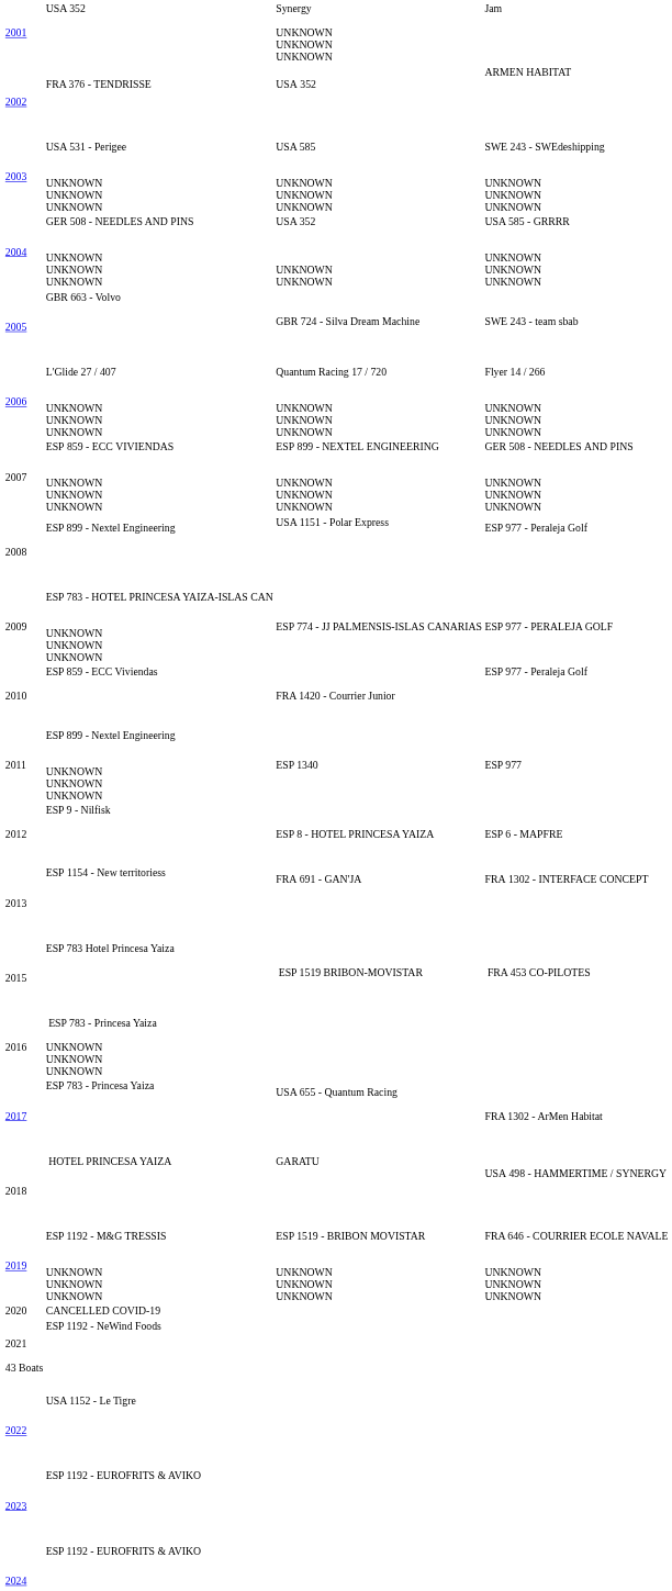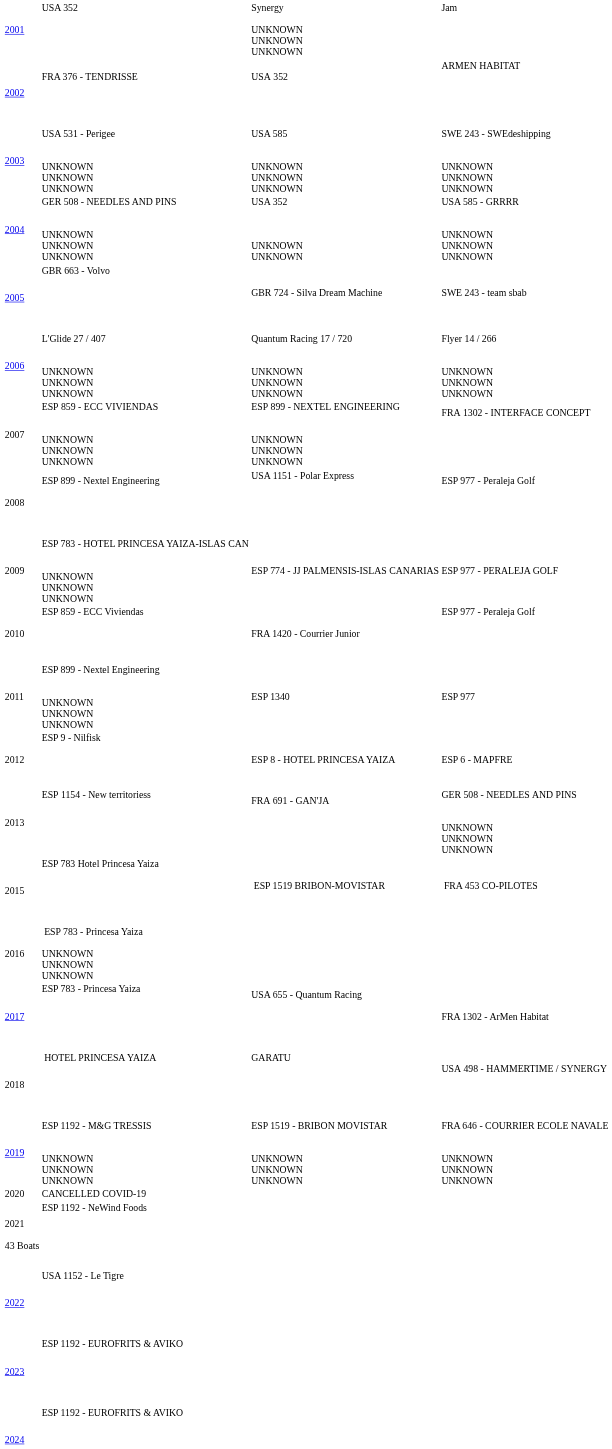 <table>
 <tr>
 <td><a href='#'>2001</a></td>
 <td>USA 352<br><br><br> <br> <br> </td>
 <td>Synergy<br><br>UNKNOWN<br>UNKNOWN<br>UNKNOWN</td>
 <td>Jam<br><br><br><br> <br> </td>
 <td></td>
 </tr>
 <tr>
 <td><a href='#'>2002</a></td>
 <td>FRA 376 - TENDRISSE<br><br> <br> <br> </td>
 <td>USA 352<br><br> <br> <br> </td>
 <td>ARMEN HABITAT <br><br><br> <br> <br> <br> </td>
 <td></td>
 </tr>
 <tr>
 <td><a href='#'>2003</a></td>
 <td>USA 531 - Perigee<br><br><br>UNKNOWN<br>UNKNOWN<br>UNKNOWN</td>
 <td>USA 585<br><br><br>UNKNOWN<br>UNKNOWN<br>UNKNOWN</td>
 <td>SWE 243 - SWEdeshipping<br><br><br>UNKNOWN<br>UNKNOWN<br>UNKNOWN</td>
 <td></td>
 </tr>
 <tr>
 <td><a href='#'>2004</a></td>
 <td>GER 508 - NEEDLES AND PINS<br><br><br>UNKNOWN<br>UNKNOWN<br>UNKNOWN</td>
 <td>USA 352<br><br><br> <br>UNKNOWN<br>UNKNOWN</td>
 <td>USA 585 - GRRRR<br><br><br>UNKNOWN<br>UNKNOWN<br>UNKNOWN</td>
 <td></td>
 </tr>
 <tr>
 <td><a href='#'>2005</a></td>
 <td>GBR 663 - Volvo<br><br><br> <br> <br> <br> </td>
 <td>GBR 724 - Silva Dream Machine<br><br></td>
 <td>SWE 243 - team sbab<br><br></td>
 <td></td>
 </tr>
 <tr>
 <td><a href='#'>2006</a></td>
 <td>L'Glide 27 / 407 <br><br><br>UNKNOWN<br>UNKNOWN<br>UNKNOWN</td>
 <td>Quantum Racing 17 / 720  <br><br><br>UNKNOWN<br>UNKNOWN<br>UNKNOWN</td>
 <td>Flyer 14 / 266<br><br><br>UNKNOWN<br>UNKNOWN<br>UNKNOWN</td>
 <td></td>
 </tr>
 <tr>
 <td>2007</td>
 <td>ESP 859 - ECC VIVIENDAS<br> <br><br>UNKNOWN<br>UNKNOWN<br>UNKNOWN</td>
 <td>ESP 899 - NEXTEL ENGINEERING<br><br><br>UNKNOWN<br>UNKNOWN<br>UNKNOWN</td>
-<td>GER 508 - NEEDLES AND PINS<br><br><br>UNKNOWN<br>UNKNOWN<br>UNKNOWN</td>
+<td>FRA 1302 - INTERFACE CONCEPT<br><br><br> <br> <br> </td>
 <td></td>
 </tr>
 <tr>
 <td>2008</td>
 <td>ESP 899 - Nextel Engineering<br><br><br> <br> <br> </td>
 <td>USA 1151 - Polar Express<br><br><br> <br> <br> <br> </td>
 <td>ESP 977 - Peraleja Golf<br><br><br> <br> <br> </td>
 <td></td>
 </tr>
 <tr>
 <td>2009</td>
 <td>ESP 783 - HOTEL PRINCESA YAIZA-ISLAS CAN<br><br><br>UNKNOWN<br>UNKNOWN<br>UNKNOWN</td>
 <td>ESP 774 - JJ PALMENSIS-ISLAS CANARIAS	<br></td>
 <td>ESP 977 - PERALEJA GOLF<br></td>
 <td></td>
 </tr>
 <tr>
 <td>2010</td>
 <td>ESP 859 - ECC Viviendas<br><br><br> <br> <br> </td>
 <td>FRA 1420 - Courrier Junior</td>
 <td>ESP 977 - Peraleja Golf <br><br><br> <br> <br> </td>
 <td></td>
 </tr>
 <tr>
 <td>2011</td>
 <td>ESP 899 - Nextel Engineering<br><br><br> UNKNOWN<br> UNKNOWN<br> UNKNOWN</td>
 <td>ESP 1340<br></td>
 <td>ESP 977 <br></td>
 <td></td>
 </tr>
 <tr>
 <td>2012</td>
 <td>ESP 9 - Nilfisk<br><br><br><br> <br> </td>
 <td>ESP 8 - HOTEL PRINCESA YAIZA<br></td>
 <td>ESP 6 - MAPFRE<br></td>
 <td></td>
 </tr>
 <tr>
 <td>2013</td>
 <td>ESP 1154 - New territoriess<br><br><br> <br> <br> <br> </td>
 <td>FRA 691 - GAN'JA <br><br><br> <br> <br> </td>
-<td>FRA 1302 - INTERFACE CONCEPT<br><br><br> <br> <br> </td>
+<td>GER 508 - NEEDLES AND PINS<br><br><br>UNKNOWN<br>UNKNOWN<br>UNKNOWN</td>
 <td></td>
 </tr>
 <tr>
 <td>2015</td>
 <td>ESP 783 Hotel Princesa Yaiza<br><br><br> <br> <br> <br> </td>
 <td> ESP 1519 BRIBON-MOVISTAR<br><br></td>
 <td> FRA 453 CO-PILOTES<br><br></td>
 <td></td>
 </tr>
 <tr>
 <td>2016</td>
 <td> ESP 783 - Princesa Yaiza<br><br>UNKNOWN<br>UNKNOWN<br>UNKNOWN</td>
 <td> </td>
 <td> </td>
 <td></td>
 </tr>
 <tr>
 <td><a href='#'>2017</a></td>
 <td>ESP 783 - Princesa Yaiza<br><br><br> <br> <br> <br> </td>
 <td>USA 655 - Quantum Racing<br><br><br> <br> <br> </td>
 <td>FRA 1302 - ArMen Habitat</td>
 <td></td>
 </tr>
 <tr>
 <td>2018</td>
 <td> HOTEL PRINCESA YAIZA <br><br><br> <br> <br> <br> </td>
 <td>GARATU <br><br><br> <br> <br>   </td>
 <td>USA 498 - HAMMERTIME / SYNERGY<br><br> <br> <br> </td>
 <td></td>
 </tr>
 <tr>
 <td><a href='#'>2019</a></td>
 <td>ESP 1192 - M&G TRESSIS<br><br><br>UNKNOWN<br>UNKNOWN<br>UNKNOWN</td>
 <td>ESP 1519 - BRIBON MOVISTAR<br><br><br>UNKNOWN<br>UNKNOWN<br>UNKNOWN</td>
 <td>FRA 646 - COURRIER ECOLE NAVALE<br><br><br>UNKNOWN<br>UNKNOWN<br>UNKNOWN</td>
 <td></td>
 </tr>
 <tr>
 <td>2020</td>
 <td colspan=3>CANCELLED COVID-19</td>
 </tr>
 <tr>
 <td>2021<br><br>43 Boats</td>
 <td>ESP 1192 - NeWind Foods<br><br><br> <br> <br> <br> </td>
 <td></td>
 <td></td>
 <td></td>
 </tr>
 <tr>
 <td><a href='#'>2022</a></td>
 <td>USA 1152 - Le Tigre<br><br><br> <br> <br> <br> </td>
 <td></td>
 <td></td>
 <td></td>
 </tr>
 <tr>
 <td><a href='#'>2023</a></td>
 <td>ESP 1192 - EUROFRITS & AVIKO<br><br><br> <br> <br> <br> </td>
 <td></td>
 <td></td>
 <td></td>
 </tr>
 <tr>
 <td><a href='#'>2024</a></td>
 <td>ESP 1192 - EUROFRITS & AVIKO<br><br><br> <br> <br> <br> </td>
 <td></td>
 <td></td>
 <td></td>
 </tr>
 <tr>
 </tr>
 </table>
